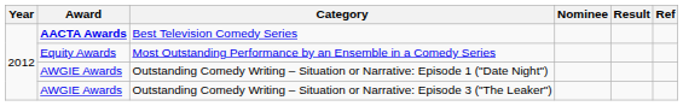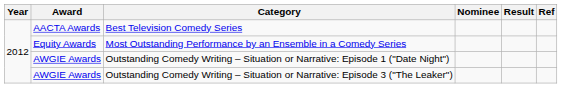 <table class="wikitable">
 <tr>
 <th>Year</th>
 <th>Award</th>
 <th>Category</th>
 <th>Nominee</th>
 <th>Result</th>
 <th>Ref</th>
 </tr>
 <tr>
 <td rowspan="4" style="text-align:center;">2012</td>
-<td><strong><a href='#'>AACTA Awards</a></strong></td>
+<td><a href='#'>AACTA Awards</a></td>
 <td><a href='#'>Best Television Comedy Series</a></td>
 <td></td>
 <td></td>
 <td style="text-align:center;"></td>
 </tr>
 <tr>
 <td><a href='#'>Equity Awards</a></td>
 <td><a href='#'>Most Outstanding Performance by an Ensemble in a Comedy Series</a></td>
 <td style="text-align:center;"></td>
 <td></td>
 <td style="text-align:center;"></td>
 </tr>
 <tr>
 <td><a href='#'>AWGIE Awards</a></td>
 <td>Outstanding Comedy Writing – Situation or Narrative: Episode 1 ("Date Night")</td>
 <td></td>
 <td></td>
 <td style="text-align:center;"></td>
 </tr>
 <tr>
 <td><a href='#'>AWGIE Awards</a></td>
 <td>Outstanding Comedy Writing – Situation or Narrative: Episode 3 ("The Leaker")</td>
 <td></td>
 <td></td>
 <td style="text-align:center;"></td>
 </tr>
 </table>
